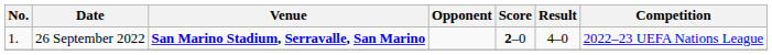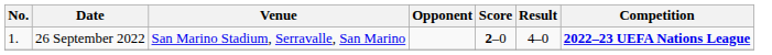 <table class="wikitable">
 <tr>
 <th>No.</th>
 <th>Date</th>
 <th>Venue</th>
 <th>Opponent</th>
 <th>Score</th>
 <th>Result</th>
 <th>Competition</th>
 </tr>
 <tr>
 <td>1.</td>
 <td>26 September 2022</td>
-<td><strong><a href='#'>San Marino Stadium</a>, <a href='#'>Serravalle</a>, <a href='#'>San Marino</a></strong></td>
+<td><a href='#'>San Marino Stadium</a>, <a href='#'>Serravalle</a>, <a href='#'>San Marino</a></td>
 <td></td>
 <td align=center><strong>2</strong>–0</td>
 <td align=center>4–0</td>
-<td><a href='#'>2022–23 UEFA Nations League</a></td>
+<td><strong><a href='#'>2022–23 UEFA Nations League</a></strong></td>
 </tr>
 <tr>
 </tr>
 </table>
